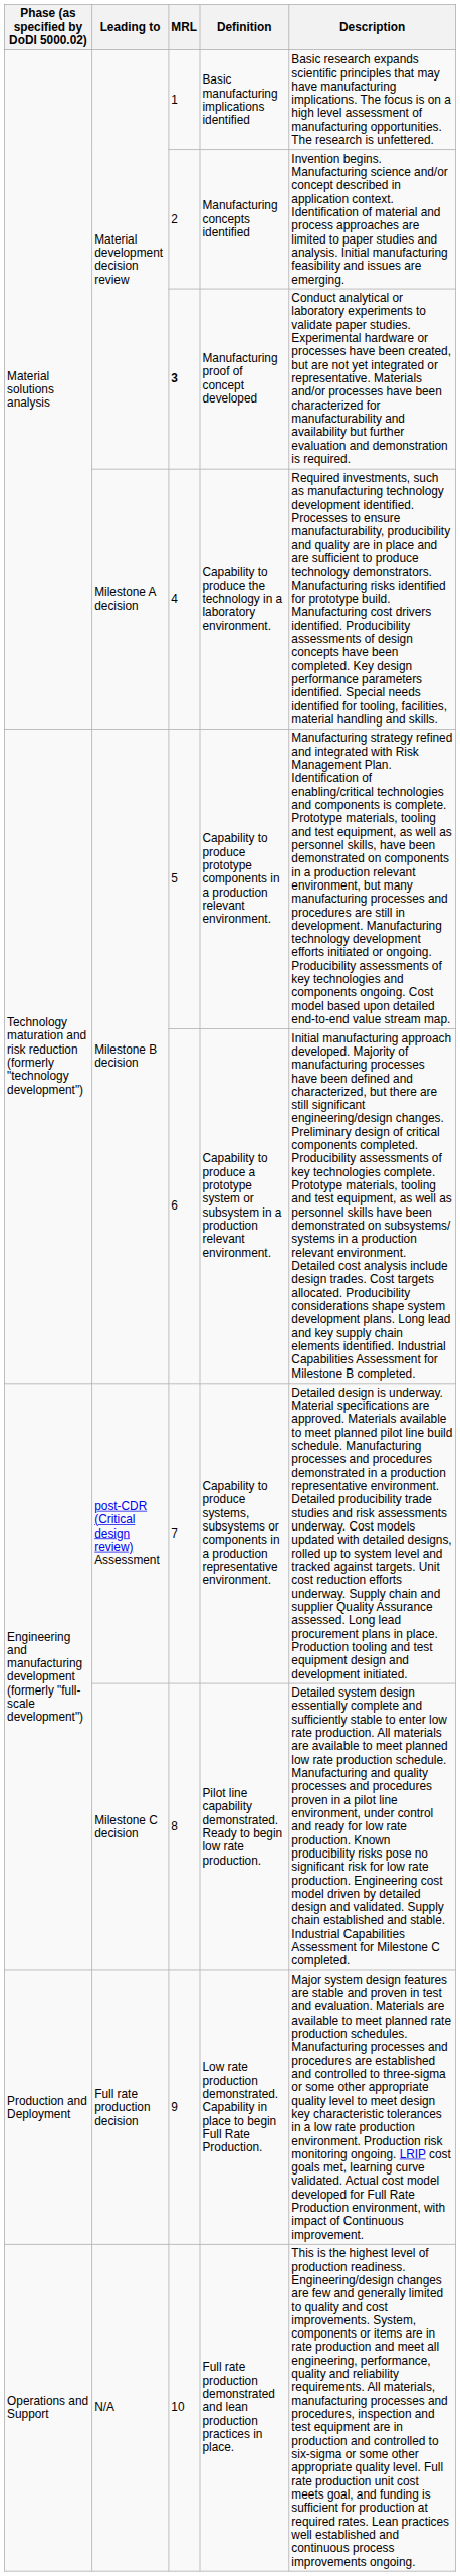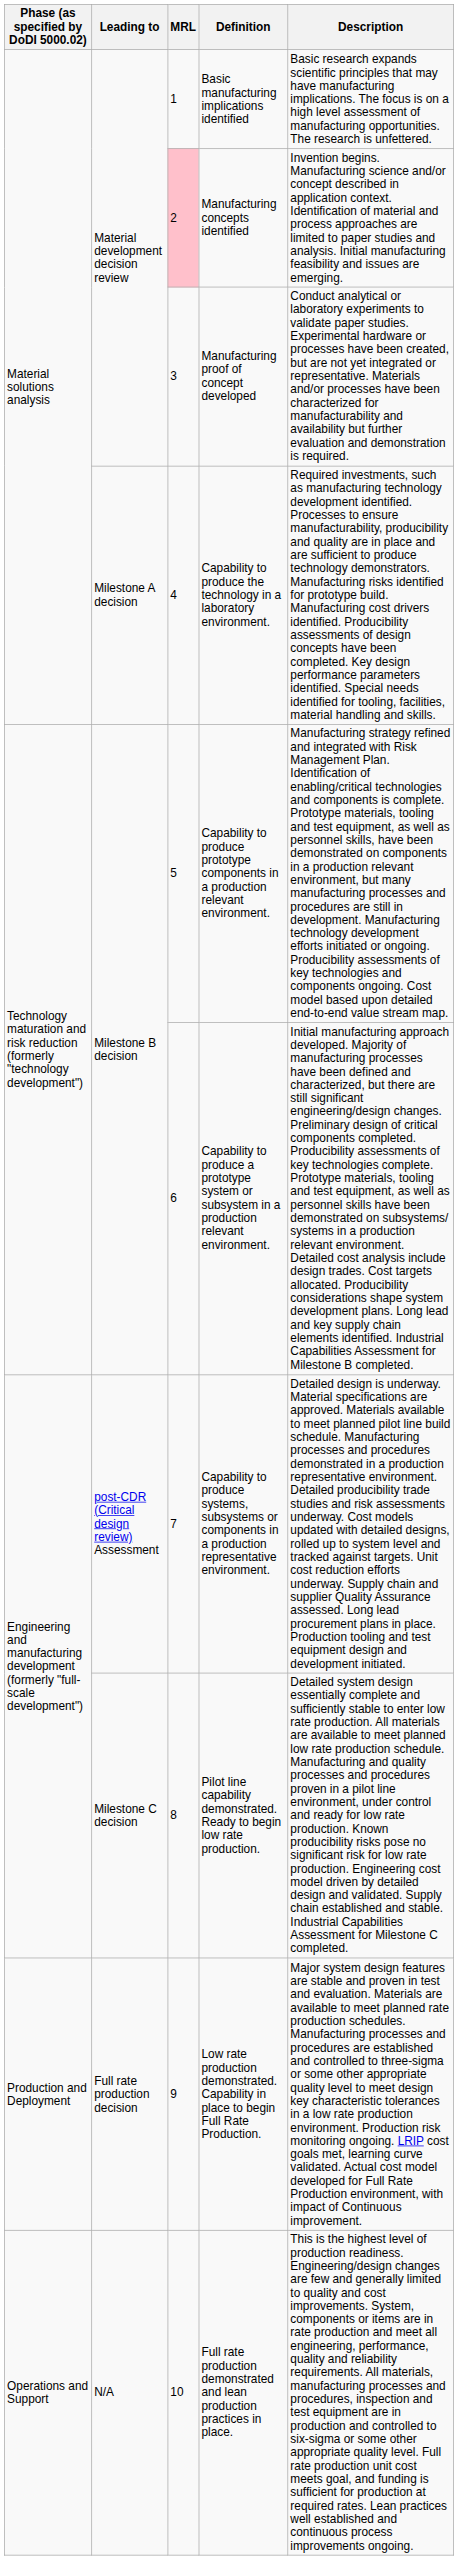 <table class="wikitable">
 <tr>
 <th>Phase (as specified by DoDI 5000.02)</th>
 <th>Leading to</th>
 <th>MRL</th>
 <th>Definition</th>
 <th>Description</th>
 </tr>
 <tr>
 <td rowspan = "4">Material solutions analysis</td>
 <td rowspan="3">Material development decision review</td>
 <td>1</td>
 <td>Basic manufacturing implications identified</td>
 <td>Basic research expands scientific principles that may have manufacturing implications. The focus is on a high level assessment of manufacturing opportunities. The research is unfettered.</td>
 </tr>
 <tr>
-<td>2</td>
+<td style="background: pink;">2</td>
 <td>Manufacturing concepts identified</td>
 <td>Invention begins. Manufacturing science and/or concept described in application context. Identification of material and process approaches are limited to paper studies and analysis. Initial manufacturing feasibility and issues are emerging.</td>
 </tr>
 <tr>
-<td><strong>3</strong></td>
+<td>3</td>
 <td>Manufacturing proof of concept developed</td>
 <td>Conduct analytical or laboratory experiments to validate paper studies. Experimental hardware or processes have been created, but are not yet integrated or representative. Materials and/or processes have been characterized for manufacturability and availability but further evaluation and demonstration is required.</td>
 </tr>
 <tr>
 <td>Milestone A decision</td>
 <td>4</td>
 <td>Capability to produce the technology in a laboratory environment.</td>
 <td>Required investments, such as manufacturing technology development identified.  Processes to ensure manufacturability, producibility and quality are in place and are sufficient to produce technology demonstrators. Manufacturing risks identified for prototype build. Manufacturing cost drivers identified. Producibility assessments of design concepts have been completed. Key design performance parameters identified. Special needs identified for tooling, facilities, material handling and skills.</td>
 </tr>
 <tr>
 <td rowspan = "2">Technology maturation and risk reduction (formerly "technology development")</td>
 <td rowspan="2">Milestone B decision</td>
 <td>5</td>
 <td>Capability to produce prototype components in a production relevant environment.</td>
 <td>Manufacturing strategy refined and integrated with Risk Management Plan.  Identification of enabling/critical technologies and components is complete.  Prototype materials, tooling and test equipment, as well as personnel skills, have been demonstrated on components in a production relevant environment, but many manufacturing processes and procedures are still in development.  Manufacturing technology development efforts initiated or ongoing.  Producibility assessments of key technologies and components ongoing.  Cost model based upon detailed end-to-end value stream map.</td>
 </tr>
 <tr>
 <td>6</td>
 <td>Capability to produce a prototype system or subsystem in a production relevant environment.</td>
 <td>Initial manufacturing approach developed.  Majority of manufacturing processes have been defined and characterized, but there are still significant engineering/design changes.  Preliminary design of critical components completed. Producibility assessments of key technologies complete.  Prototype materials, tooling and test equipment, as well as personnel skills have been demonstrated on subsystems/ systems in a production relevant environment. Detailed cost analysis include design trades. Cost targets allocated. Producibility considerations shape system development plans.  Long lead and key supply chain elements identified.  Industrial Capabilities Assessment for Milestone B completed.</td>
 </tr>
 <tr>
 <td rowspan = "2">Engineering and manufacturing development (formerly "full-scale development")</td>
 <td><a href='#'>post-CDR (Critical design review)</a> Assessment</td>
 <td>7</td>
 <td>Capability to produce systems, subsystems or components in a production representative environment.</td>
 <td>Detailed design is underway.  Material specifications are approved.  Materials available to meet planned pilot line build schedule. Manufacturing processes and procedures demonstrated in a production representative environment.  Detailed producibility trade studies and risk assessments underway.  Cost models updated with detailed designs, rolled up to system level and tracked against targets. Unit cost reduction efforts underway.  Supply chain and supplier Quality Assurance assessed. Long lead procurement plans in place. Production tooling and test equipment design and development initiated.</td>
 </tr>
 <tr>
 <td>Milestone C decision</td>
 <td>8</td>
 <td>Pilot line capability demonstrated.  Ready to begin low rate production.</td>
 <td>Detailed system design essentially complete and sufficiently stable to enter low rate production.  All materials are available to meet planned low rate production schedule.  Manufacturing and quality processes and procedures proven in a pilot line environment, under control and ready for low rate production. Known producibility risks pose no significant risk for low rate production.  Engineering cost model driven by detailed design and validated. Supply chain established and stable.  Industrial Capabilities Assessment for Milestone C completed.</td>
 </tr>
 <tr>
 <td>Production and Deployment</td>
 <td>Full rate production decision</td>
 <td>9</td>
 <td>Low rate production demonstrated. Capability in place to begin Full Rate Production.</td>
 <td>Major system design features are stable and proven in test and evaluation.  Materials are available to meet planned rate production schedules.  Manufacturing processes and procedures are established and controlled to three-sigma or some other appropriate quality level to meet design key characteristic tolerances in a low rate production environment.  Production risk monitoring ongoing. <a href='#'>LRIP</a> cost goals met, learning curve validated. Actual cost model developed for Full Rate Production environment, with impact of Continuous improvement.</td>
 </tr>
 <tr>
 <td>Operations and Support</td>
 <td>N/A</td>
 <td>10</td>
 <td>Full rate production demonstrated and lean production practices in place.</td>
 <td>This is the highest level of production readiness.  Engineering/design changes are few and generally limited to quality and cost improvements.  System, components or items are in rate production and meet all engineering, performance, quality and reliability requirements.  All materials, manufacturing processes and procedures, inspection and test equipment are in production and controlled to six-sigma or some other appropriate quality level.  Full rate production unit cost meets goal, and funding is sufficient for production at required rates.  Lean practices well established and continuous process improvements ongoing.</td>
 </tr>
 </table>
